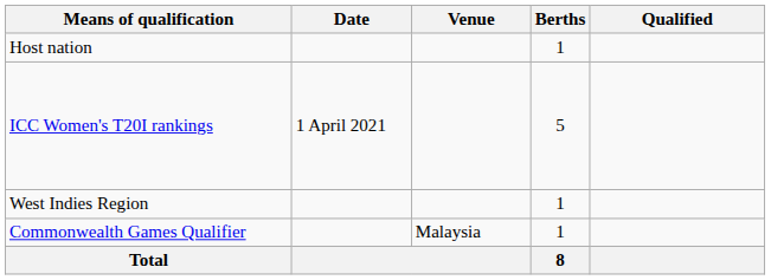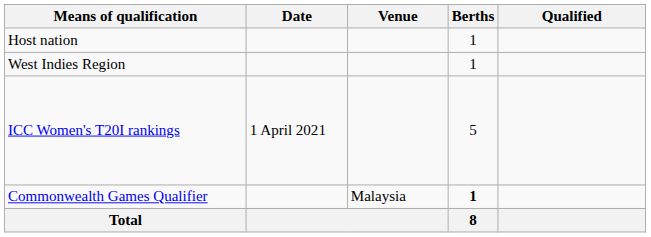 <table class="wikitable">
 <tr>
 <th width=250>Means of qualification</th>
 <th width=100>Date</th>
 <th width=100>Venue</th>
 <th>Berths</th>
 <th width=150>Qualified</th>
 </tr>
 <tr>
 <td>Host nation</td>
 <td></td>
 <td></td>
 <td align="center">1</td>
 <td></td>
 </tr>
 <tr>
+<td>West Indies Region</td>
+<td></td>
+<td></td>
+<td align="center">1</td>
+<td></td>
+</tr>
+<tr>
 <td><a href='#'>ICC Women's T20I rankings</a></td>
 <td>1 April 2021</td>
 <td></td>
 <td align="center">5</td>
 <td><br><br> <br> <br> <br> <br></td>
 </tr>
 <tr>
-<td>West Indies Region</td>
-<td></td>
-<td></td>
-<td align="center">1</td>
-<td></td>
-</tr>
-<tr>
 <td><a href='#'>Commonwealth Games Qualifier</a></td>
 <td></td>
 <td> Malaysia</td>
-<td align="center">1</td>
+<td align="center"><strong>1</strong></td>
 <td></td>
 </tr>
 <tr>
 <th>Total</th>
 <th colspan="2"></th>
 <th>8</th>
 <th></th>
 </tr>
 </table>
